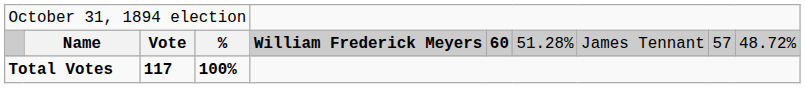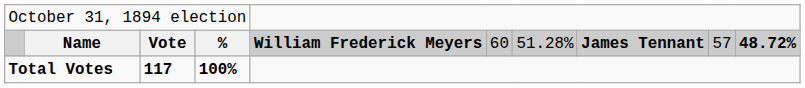 <table class="wikitable">
 <tr>
 <td colspan=4 align=center>October 31, 1894 election</td>
 </tr>
 <tr bgcolor="CCCCCC">
 <td></td>
 <th><strong>Name </strong></th>
 <th><strong>Vote</strong></th>
 <th><strong>%</strong><br></th>
 <td><strong>William Frederick Meyers</strong></td>
-<td><strong>60</strong></td>
+<td>60</td>
 <td>51.28%<br></td>
-<td>James Tennant</td>
+<td><strong>James Tennant</strong></td>
 <td>57</td>
-<td>48.72%</td>
+<td><strong>48.72%</strong></td>
 </tr>
 <tr>
 <td colspan=2><strong>Total Votes</strong></td>
 <td><strong>117</strong></td>
 <td><strong>100%</strong></td>
 </tr>
 </table>
